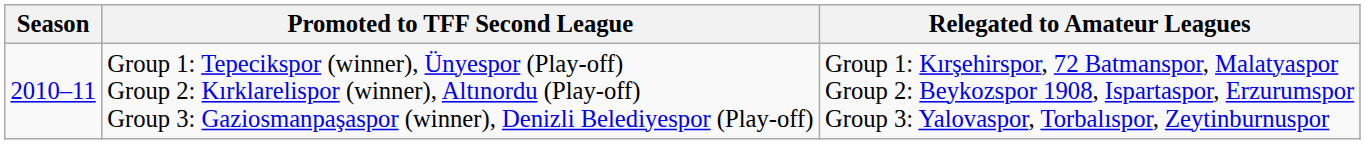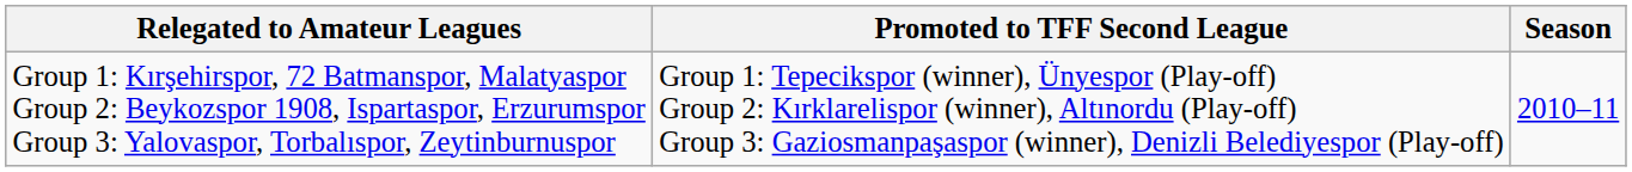 <table class="wikitable">
 <tr>
+<th>Relegated to Amateur Leagues</th>
+<th>Promoted to TFF Second League</th>
 <th>Season</th>
-<th>Promoted to TFF Second League</th>
-<th>Relegated to Amateur Leagues</th>
 </tr>
 <tr>
+<td>Group 1: <a href='#'>Kırşehirspor</a>, <a href='#'>72 Batmanspor</a>, <a href='#'>Malatyaspor</a><br>Group 2: <a href='#'>Beykozspor 1908</a>, <a href='#'>Ispartaspor</a>, <a href='#'>Erzurumspor</a><br>Group 3: <a href='#'>Yalovaspor</a>, <a href='#'>Torbalıspor</a>, <a href='#'>Zeytinburnuspor</a></td>
+<td>Group 1: <a href='#'>Tepecikspor</a> (winner), <a href='#'>Ünyespor</a> (Play-off) <br>Group 2: <a href='#'>Kırklarelispor</a> (winner), <a href='#'>Altınordu</a> (Play-off)<br>Group 3: <a href='#'>Gaziosmanpaşaspor</a> (winner), <a href='#'>Denizli Belediyespor</a> (Play-off)</td>
 <td><a href='#'>2010–11</a></td>
-<td>Group 1: <a href='#'>Tepecikspor</a> (winner), <a href='#'>Ünyespor</a> (Play-off) <br>Group 2: <a href='#'>Kırklarelispor</a> (winner), <a href='#'>Altınordu</a> (Play-off)<br>Group 3: <a href='#'>Gaziosmanpaşaspor</a> (winner), <a href='#'>Denizli Belediyespor</a> (Play-off)</td>
-<td>Group 1: <a href='#'>Kırşehirspor</a>, <a href='#'>72 Batmanspor</a>, <a href='#'>Malatyaspor</a><br>Group 2: <a href='#'>Beykozspor 1908</a>, <a href='#'>Ispartaspor</a>, <a href='#'>Erzurumspor</a><br>Group 3: <a href='#'>Yalovaspor</a>, <a href='#'>Torbalıspor</a>, <a href='#'>Zeytinburnuspor</a></td>
 </tr>
 </table>
